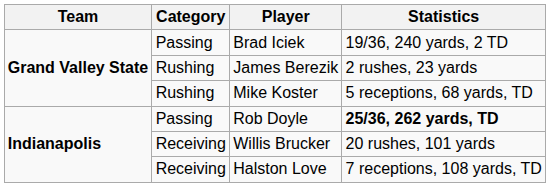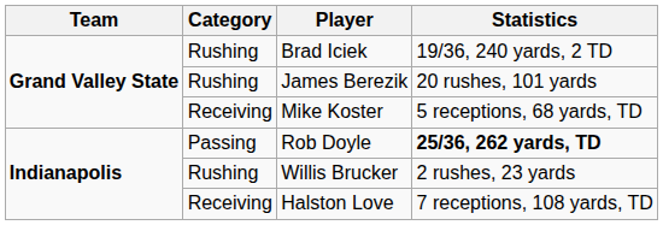 <table class="wikitable" style="float: right;">
 <tr>
 <th>Team</th>
 <th>Category</th>
 <th>Player</th>
 <th>Statistics</th>
 </tr>
 <tr>
 <td rowspan=3><strong>Grand Valley State</strong></td>
-<td>Passing</td>
+<td>Rushing</td>
 <td>Brad Iciek</td>
 <td>19/36, 240 yards, 2 TD</td>
 </tr>
 <tr>
 <td>Rushing</td>
 <td>James Berezik</td>
-<td>2 rushes, 23 yards</td>
+<td>20 rushes, 101 yards</td>
 </tr>
 <tr>
-<td>Rushing</td>
+<td>Receiving</td>
 <td>Mike Koster</td>
 <td>5 receptions, 68 yards, TD</td>
 </tr>
 <tr>
 <td rowspan=3><strong>Indianapolis</strong></td>
 <td>Passing</td>
 <td>Rob Doyle</td>
 <td><strong>25/36, 262 yards, TD</strong></td>
 </tr>
 <tr>
-<td>Receiving</td>
+<td>Rushing</td>
 <td>Willis Brucker</td>
-<td>20 rushes, 101 yards</td>
+<td>2 rushes, 23 yards</td>
 </tr>
 <tr>
 <td>Receiving</td>
 <td>Halston Love</td>
 <td>7 receptions, 108 yards, TD</td>
 </tr>
 </table>
